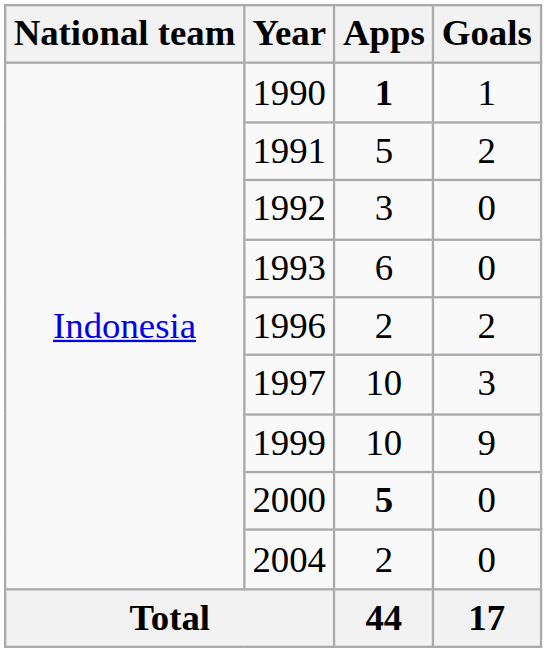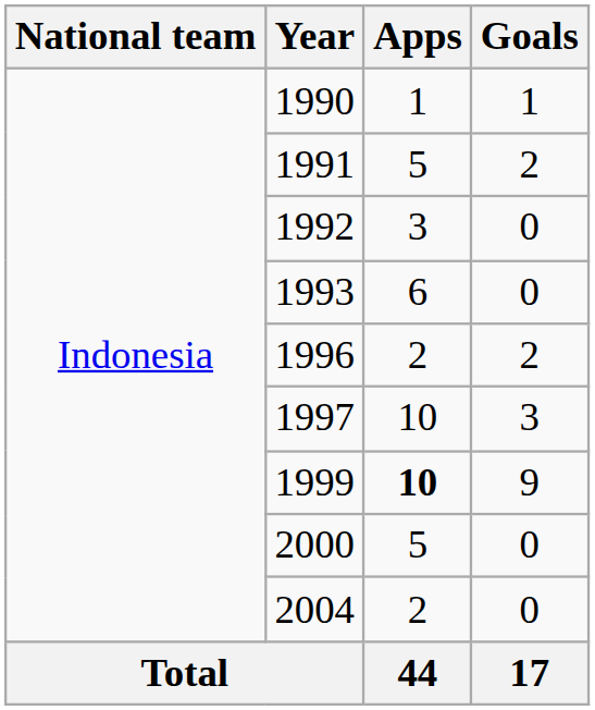 <table class="wikitable" style="text-align:center">
 <tr>
 <th>National team</th>
 <th>Year</th>
 <th>Apps</th>
 <th>Goals</th>
 </tr>
 <tr>
 <td rowspan="9"><a href='#'>Indonesia</a></td>
 <td>1990</td>
-<td><strong>1</strong></td>
+<td>1</td>
 <td>1</td>
 </tr>
 <tr>
 <td>1991</td>
 <td>5</td>
 <td>2</td>
 </tr>
 <tr>
 <td>1992</td>
 <td>3</td>
 <td>0</td>
 </tr>
 <tr>
 <td>1993</td>
 <td>6</td>
 <td>0</td>
 </tr>
 <tr>
 <td>1996</td>
 <td>2</td>
 <td>2</td>
 </tr>
 <tr>
 <td>1997</td>
 <td>10</td>
 <td>3</td>
 </tr>
 <tr>
 <td>1999</td>
-<td>10</td>
+<td><strong>10</strong></td>
 <td>9</td>
 </tr>
 <tr>
 <td>2000</td>
-<td><strong>5</strong></td>
+<td>5</td>
 <td>0</td>
 </tr>
 <tr>
 <td>2004</td>
 <td>2</td>
 <td>0</td>
 </tr>
 <tr>
 <th colspan="2">Total</th>
 <th>44</th>
 <th>17</th>
 </tr>
 </table>
